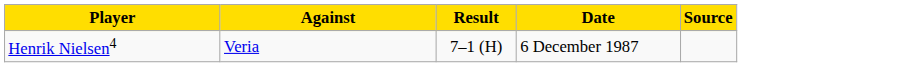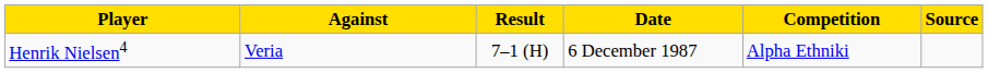 <table class="wikitable">
 <tr>
 <th width=200 style="background:#FFDE00">Player</th>
 <th width=200 style="background:#FFDE00">Against</th>
 <th width=70 style="background:#FFDE00">Result</th>
 <th width=150 style="background:#FFDE00">Date</th>
+<th width=150 style="background:#FFDE00">Competition</th>
 <th style="background:#FFDE00">Source</th>
 </tr>
 <tr>
 <td> <a href='#'>Henrik Nielsen</a><sup>4</sup></td>
 <td> <a href='#'>Veria</a></td>
 <td align=center>7–1 (H)</td>
 <td>6 December 1987</td>
+<td><a href='#'>Alpha Ethniki</a></td>
 <td align=center></td>
 </tr>
 </table>
